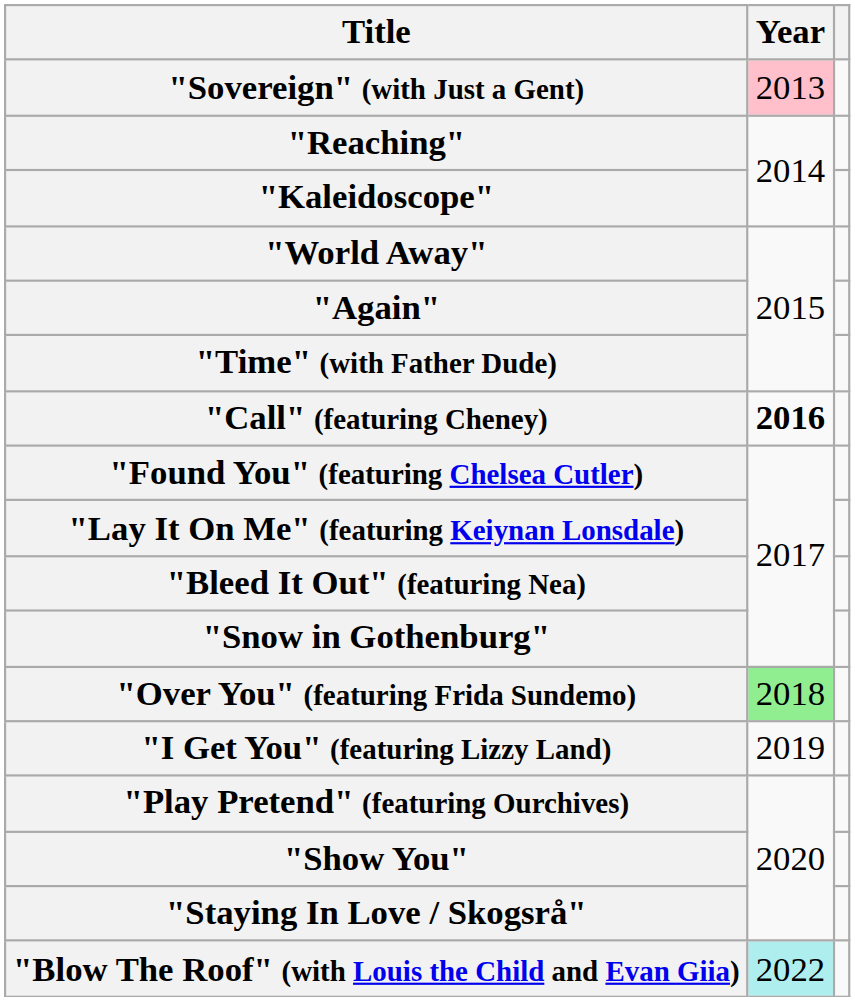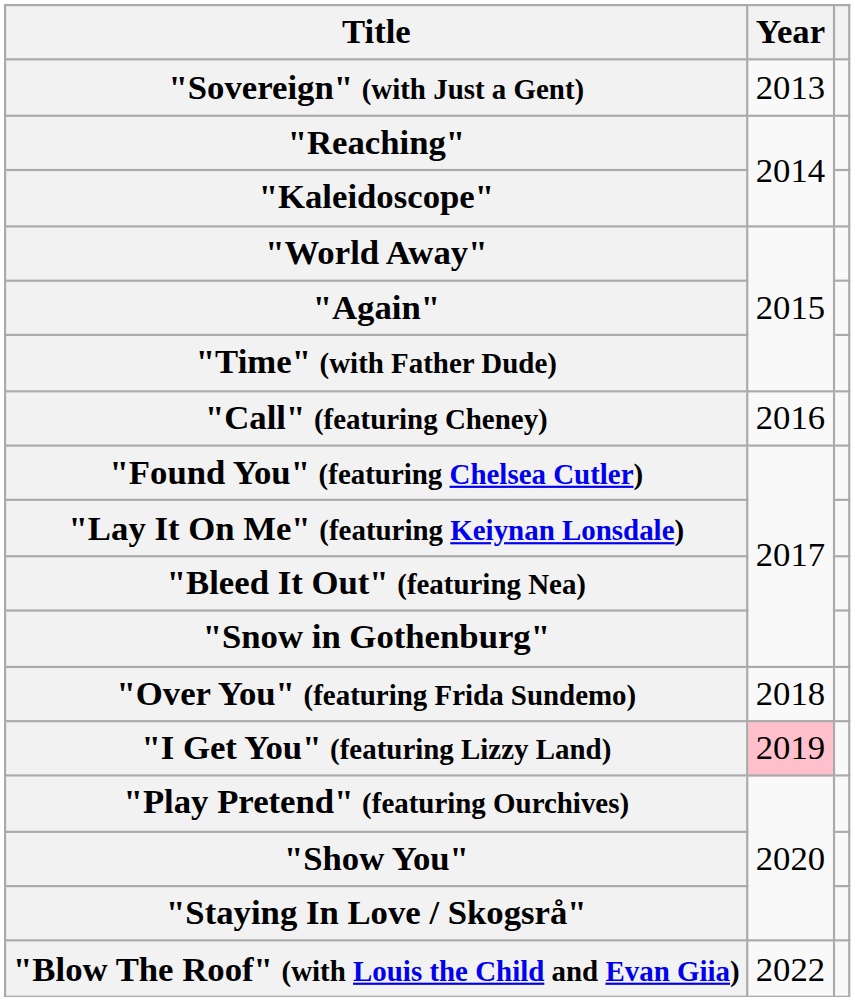 <table class="wikitable plainrowheaders" style="text-align:center;">
 <tr>
 <th scope="col">Title</th>
 <th scope="col">Year</th>
 <th scope="col"></th>
 </tr>
 <tr>
 <th scope="row">"Sovereign" <small>(with Just a Gent)</small></th>
-<td style="background: pink;">2013</td>
+<td>2013</td>
 <td></td>
 </tr>
 <tr>
 <th scope="row">"Reaching"</th>
 <td rowspan="2">2014</td>
 <td></td>
 </tr>
 <tr>
 <th scope="row">"Kaleidoscope"</th>
 <td></td>
 </tr>
 <tr>
 <th scope="row">"World Away"</th>
 <td rowspan="3">2015</td>
 <td></td>
 </tr>
 <tr>
 <th scope="row">"Again"</th>
 <td></td>
 </tr>
 <tr>
 <th scope="row">"Time" <small>(with Father Dude)</small></th>
 <td></td>
 </tr>
 <tr>
 <th scope="row">"Call" <small>(featuring Cheney)</small></th>
-<td rowspan="1"><strong>2016</strong></td>
+<td rowspan="1">2016</td>
 <td></td>
 </tr>
 <tr>
 <th scope="row">"Found You" <small>(featuring <a href='#'>Chelsea Cutler</a>)</small></th>
 <td rowspan="4">2017</td>
 <td></td>
 </tr>
 <tr>
 <th scope="row">"Lay It On Me" <small>(featuring <a href='#'>Keiynan Lonsdale</a>)</small></th>
 <td></td>
 </tr>
 <tr>
 <th scope="row">"Bleed It Out" <small>(featuring Nea)</small></th>
 <td></td>
 </tr>
 <tr>
 <th scope="row">"Snow in Gothenburg"</th>
 <td></td>
 </tr>
 <tr>
 <th scope="row">"Over You" <small>(featuring Frida Sundemo)</small></th>
-<td style="background: lightgreen;">2018</td>
+<td>2018</td>
 <td></td>
 </tr>
 <tr>
 <th scope="row">"I Get You" <small>(featuring Lizzy Land)</small></th>
-<td>2019</td>
+<td style="background: pink;">2019</td>
 <td></td>
 </tr>
 <tr>
 <th scope="row">"Play Pretend" <small>(featuring Ourchives)</small></th>
 <td rowspan="3">2020</td>
 <td></td>
 </tr>
 <tr>
 <th scope="row">"Show You"</th>
 <td></td>
 </tr>
 <tr>
 <th scope="row">"Staying In Love / Skogsrå"</th>
 <td></td>
 </tr>
 <tr>
 <th scope="row">"Blow The Roof" <small>(with <a href='#'>Louis the Child</a> and <a href='#'>Evan Giia</a>)</small></th>
-<td style="background: paleturquoise;">2022</td>
+<td>2022</td>
 <td></td>
 </tr>
 </table>
